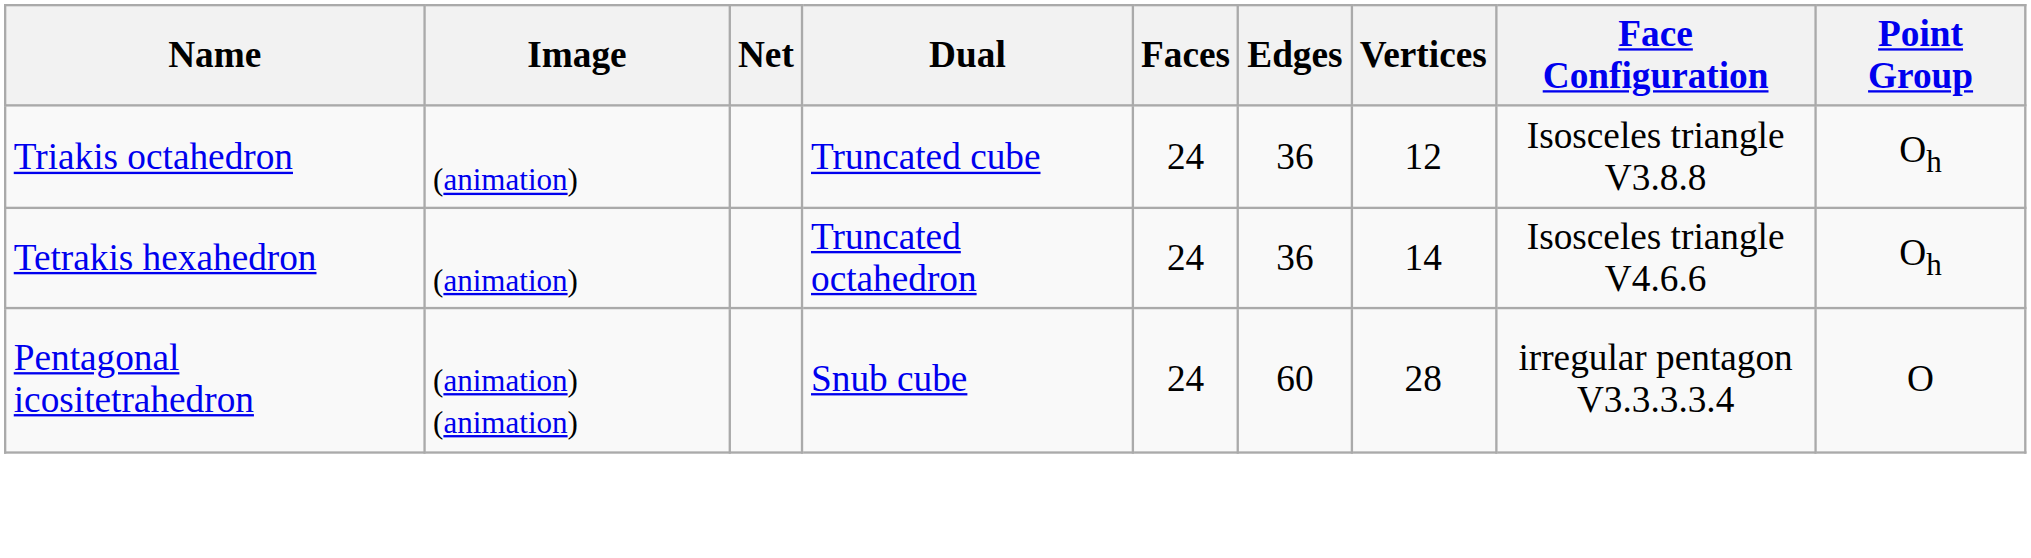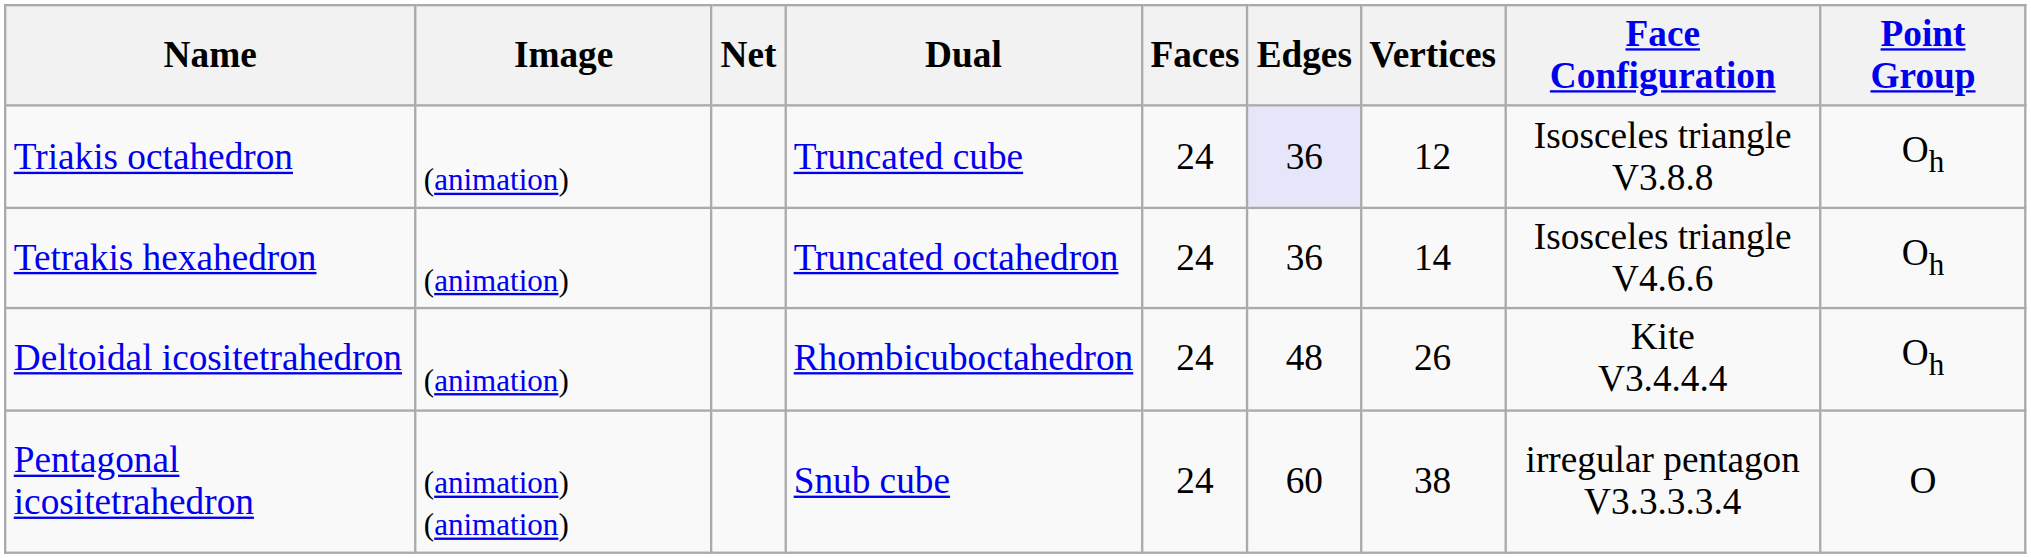 <table class="wikitable sortable">
 <tr>
 <th>Name</th>
 <th>Image</th>
 <th>Net</th>
 <th>Dual</th>
 <th>Faces</th>
 <th>Edges</th>
 <th>Vertices</th>
 <th><a href='#'>Face Configuration</a></th>
 <th><a href='#'>Point Group</a></th>
 </tr>
 <tr>
 <td><a href='#'>Triakis octahedron</a></td>
 <td><br><small>(<a href='#'>animation</a>)</small></td>
 <td></td>
 <td><a href='#'>Truncated cube</a></td>
 <td align="center">24</td>
-<td align="center">36</td>
+<td align="center" style="background: lavender;">36</td>
 <td align="center">12</td>
 <td align="center">Isosceles triangle<br>V3.8.8</td>
 <td align="center">O<sub>h</sub></td>
 </tr>
 <tr>
 <td><a href='#'>Tetrakis hexahedron</a></td>
 <td><br><small>(<a href='#'>animation</a>)</small></td>
 <td></td>
 <td><a href='#'>Truncated octahedron</a></td>
 <td align="center">24</td>
 <td align="center">36</td>
 <td align="center">14</td>
 <td align="center">Isosceles triangle<br>V4.6.6</td>
 <td align="center">O<sub>h</sub></td>
 </tr>
 <tr>
+<td><a href='#'>Deltoidal icositetrahedron</a></td>
+<td><br><small>(<a href='#'>animation</a>)</small></td>
+<td></td>
+<td><a href='#'>Rhombicuboctahedron</a></td>
+<td align="center">24</td>
+<td align="center">48</td>
+<td align="center">26</td>
+<td align="center">Kite<br>V3.4.4.4</td>
+<td align="center">O<sub>h</sub></td>
+</tr>
+<tr>
 <td><a href='#'>Pentagonal icositetrahedron</a></td>
 <td><br><small>(<a href='#'>animation</a>)</small>  <small>(<a href='#'>animation</a>)</small></td>
 <td></td>
 <td><a href='#'>Snub cube</a></td>
 <td align="center">24</td>
 <td align="center">60</td>
-<td align="center">28</td>
+<td align="center">38</td>
 <td align="center">irregular pentagon<br>V3.3.3.3.4</td>
 <td align="center">O</td>
 </tr>
 </table>
